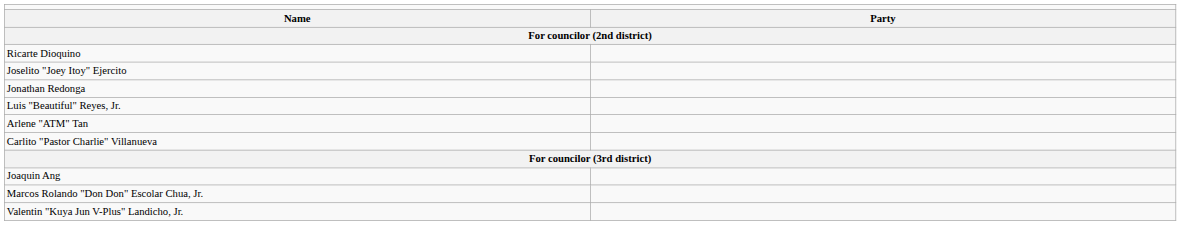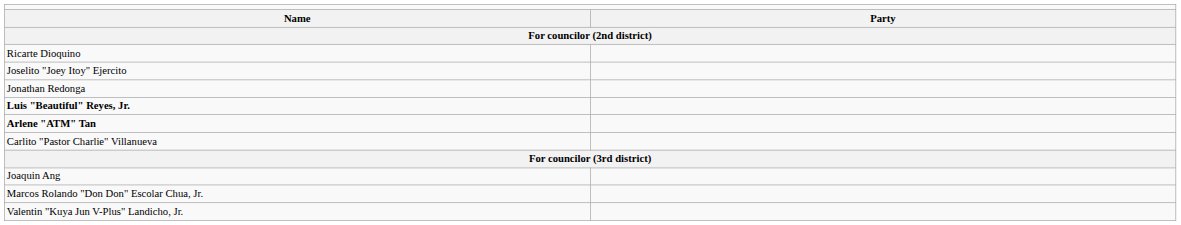 <table class=wikitable style="font-size:90%; width:100%">
 <tr>
 <td colspan=4 bgcolor=></td>
 </tr>
 <tr>
 <th width=50%>Name</th>
 <th colspan=2>Party</th>
 </tr>
 <tr>
 <th colspan=3>For councilor (2nd district)</th>
 </tr>
 <tr>
 <td>Ricarte Dioquino</td>
 <td></td>
 </tr>
 <tr>
 <td>Joselito "Joey Itoy" Ejercito</td>
 <td></td>
 </tr>
 <tr>
 <td>Jonathan Redonga</td>
 <td></td>
 </tr>
 <tr>
-<td>Luis "Beautiful" Reyes, Jr.</td>
+<td><strong>Luis "Beautiful" Reyes, Jr.</strong></td>
 <td></td>
 </tr>
 <tr>
-<td>Arlene "ATM" Tan</td>
+<td><strong>Arlene "ATM" Tan</strong></td>
 <td></td>
 </tr>
 <tr>
 <td>Carlito "Pastor Charlie" Villanueva</td>
 <td></td>
 </tr>
 <tr>
 <th colspan=3>For councilor (3rd district)</th>
 </tr>
 <tr>
 <td>Joaquin Ang</td>
 <td></td>
 </tr>
 <tr>
 <td>Marcos Rolando "Don Don" Escolar Chua, Jr.</td>
 <td></td>
 </tr>
 <tr>
 <td>Valentin "Kuya Jun V-Plus" Landicho, Jr.</td>
 <td></td>
 </tr>
 </table>
